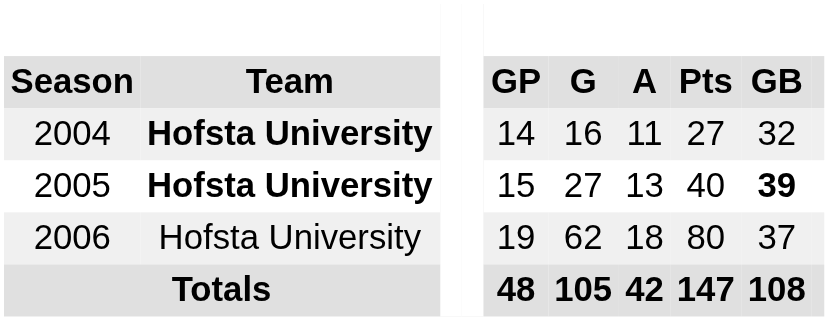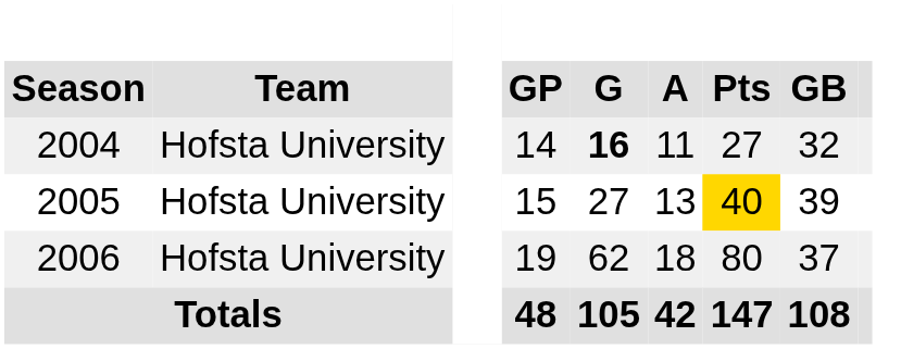 <table BORDER="0" CELLPADDING="3" CELLSPACING="0">
 <tr ALIGN="center" bgcolor="#e0e0e0">
 <th colspan="2" bgcolor="#ffffff"> </th>
 <th rowspan="99" bgcolor="#ffffff"> </th>
 <th rowspan="99" bgcolor="#ffffff"> </th>
 </tr>
 <tr ALIGN="center" bgcolor="#e0e0e0">
 <th>Season</th>
 <th>Team</th>
 <th>GP</th>
 <th>G</th>
 <th>A</th>
 <th>Pts</th>
 <th>GB</th>
 <th></th>
 </tr>
 <tr ALIGN="center" bgcolor="#f0f0f0">
 <td>2004</td>
-<td><strong>Hofsta University</strong></td>
+<td>Hofsta University</td>
 <td>14</td>
-<td>16</td>
+<td><strong>16</strong></td>
 <td>11</td>
 <td>27</td>
 <td>32</td>
 <td></td>
 </tr>
 <tr ALIGN="center">
 <td>2005</td>
-<td><strong>Hofsta University</strong></td>
+<td>Hofsta University</td>
 <td>15</td>
 <td>27</td>
 <td>13</td>
-<td>40</td>
-<td><strong>39</strong></td>
+<td style="background: gold;">40</td>
+<td>39</td>
 <td></td>
 </tr>
 <tr ALIGN="center" bgcolor="#f0f0f0">
 <td>2006</td>
 <td>Hofsta University</td>
 <td>19</td>
 <td>62</td>
 <td>18</td>
 <td>80</td>
 <td>37</td>
 <td></td>
 </tr>
 <tr ALIGN="center" bgcolor="#e0e0e0">
 <th colspan="2">Totals</th>
 <th>48</th>
 <th>105</th>
 <th>42</th>
 <th>147</th>
 <th>108</th>
 <th></th>
 </tr>
 </table>
